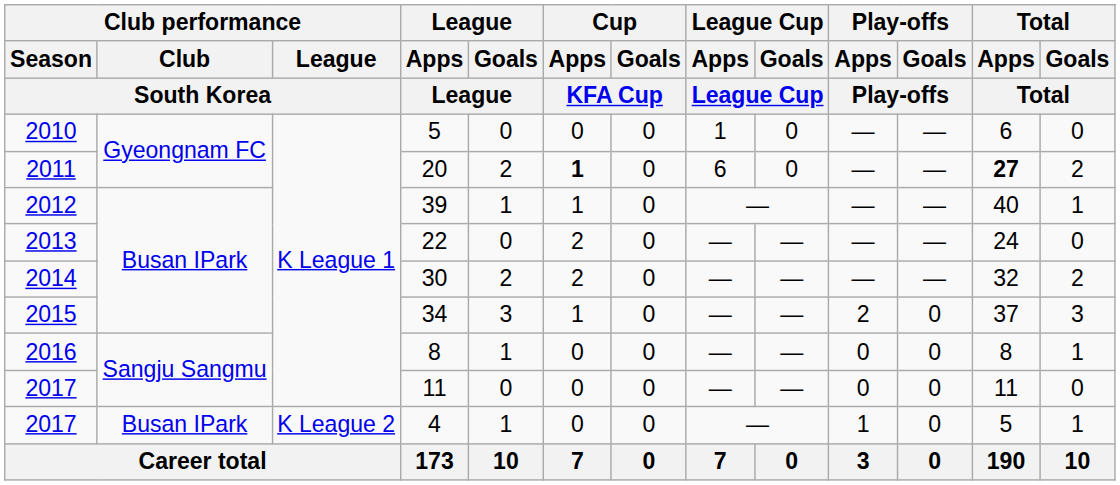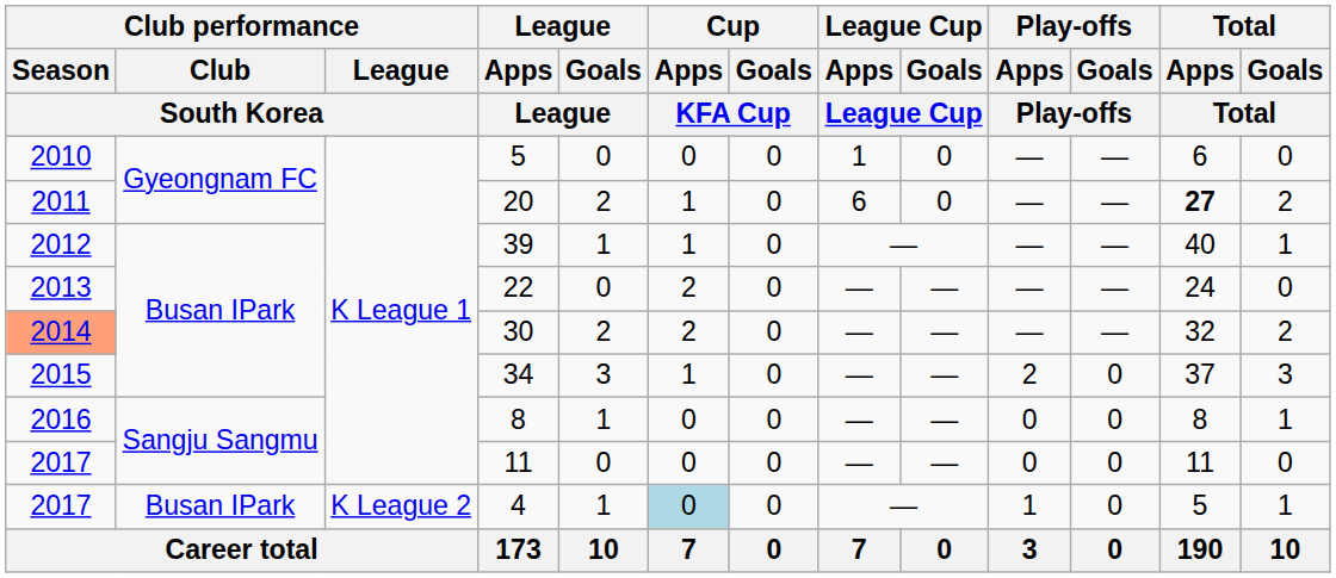 <table class="wikitable" style="text-align:center">
 <tr>
 <th colspan=3>Club performance</th>
 <th colspan=2>League</th>
 <th colspan=2>Cup</th>
 <th colspan=2>League Cup</th>
 <th colspan=2>Play-offs</th>
 <th colspan=2>Total</th>
 </tr>
 <tr>
 <th>Season</th>
 <th>Club</th>
 <th>League</th>
 <th>Apps</th>
 <th>Goals</th>
 <th>Apps</th>
 <th>Goals</th>
 <th>Apps</th>
 <th>Goals</th>
 <th>Apps</th>
 <th>Goals</th>
 <th>Apps</th>
 <th>Goals</th>
 </tr>
 <tr>
 <th colspan=3>South Korea</th>
 <th colspan=2>League</th>
 <th colspan=2><a href='#'>KFA Cup</a></th>
 <th colspan=2><a href='#'>League Cup</a></th>
 <th colspan=2>Play-offs</th>
 <th colspan=2>Total</th>
 </tr>
 <tr>
 <td><a href='#'>2010</a></td>
 <td rowspan="2"><a href='#'>Gyeongnam FC</a></td>
 <td rowspan="8"><a href='#'>K League 1</a></td>
 <td>5</td>
 <td>0</td>
 <td>0</td>
 <td>0</td>
 <td>1</td>
 <td>0</td>
 <td>—</td>
 <td>—</td>
 <td>6</td>
 <td>0</td>
 </tr>
 <tr>
 <td><a href='#'>2011</a></td>
 <td>20</td>
 <td>2</td>
-<td><strong>1</strong></td>
+<td>1</td>
 <td>0</td>
 <td>6</td>
 <td>0</td>
 <td>—</td>
 <td>—</td>
 <td><strong>27</strong></td>
 <td>2</td>
 </tr>
 <tr>
 <td><a href='#'>2012</a></td>
 <td rowspan="4"><a href='#'>Busan IPark</a></td>
 <td>39</td>
 <td>1</td>
 <td>1</td>
 <td>0</td>
 <td colspan="2">—</td>
 <td>—</td>
 <td>—</td>
 <td>40</td>
 <td>1</td>
 </tr>
 <tr>
 <td><a href='#'>2013</a></td>
 <td>22</td>
 <td>0</td>
 <td>2</td>
 <td>0</td>
 <td>—</td>
 <td>—</td>
 <td>—</td>
 <td>—</td>
 <td>24</td>
 <td>0</td>
 </tr>
 <tr>
-<td><a href='#'>2014</a></td>
+<td style="background: lightsalmon;"><a href='#'>2014</a></td>
 <td>30</td>
 <td>2</td>
 <td>2</td>
 <td>0</td>
 <td>—</td>
 <td>—</td>
 <td>—</td>
 <td>—</td>
 <td>32</td>
 <td>2</td>
 </tr>
 <tr>
 <td><a href='#'>2015</a></td>
 <td>34</td>
 <td>3</td>
 <td>1</td>
 <td>0</td>
 <td>—</td>
 <td>—</td>
 <td>2</td>
 <td>0</td>
 <td>37</td>
 <td>3</td>
 </tr>
 <tr>
 <td><a href='#'>2016</a></td>
 <td rowspan="2"><a href='#'>Sangju Sangmu</a></td>
 <td>8</td>
 <td>1</td>
 <td>0</td>
 <td>0</td>
 <td>—</td>
 <td>—</td>
 <td>0</td>
 <td>0</td>
 <td>8</td>
 <td>1</td>
 </tr>
 <tr>
 <td><a href='#'>2017</a></td>
 <td>11</td>
 <td>0</td>
 <td>0</td>
 <td>0</td>
 <td>—</td>
 <td>—</td>
 <td>0</td>
 <td>0</td>
 <td>11</td>
 <td>0</td>
 </tr>
 <tr>
 <td><a href='#'>2017</a></td>
 <td rowspan="1"><a href='#'>Busan IPark</a></td>
 <td><a href='#'>K League 2</a></td>
 <td>4</td>
 <td>1</td>
-<td>0</td>
+<td style="background: lightblue;">0</td>
 <td>0</td>
 <td colspan="2">—</td>
 <td>1</td>
 <td>0</td>
 <td>5</td>
 <td>1</td>
 </tr>
 <tr>
 <th colspan=3>Career total</th>
 <th>173</th>
 <th>10</th>
 <th>7</th>
 <th>0</th>
 <th>7</th>
 <th>0</th>
 <th>3</th>
 <th>0</th>
 <th>190</th>
 <th>10</th>
 </tr>
 </table>
